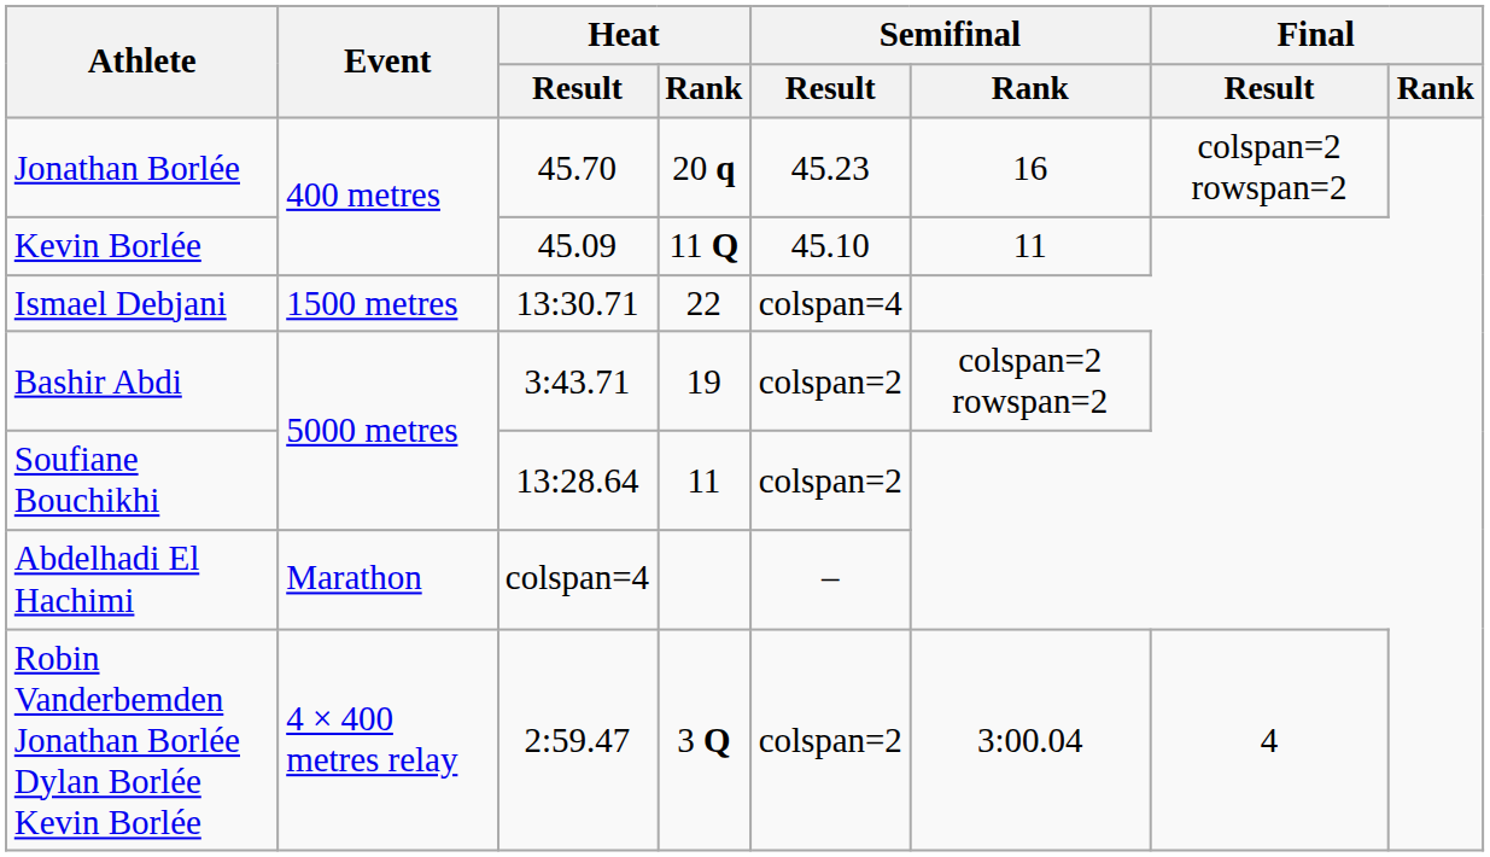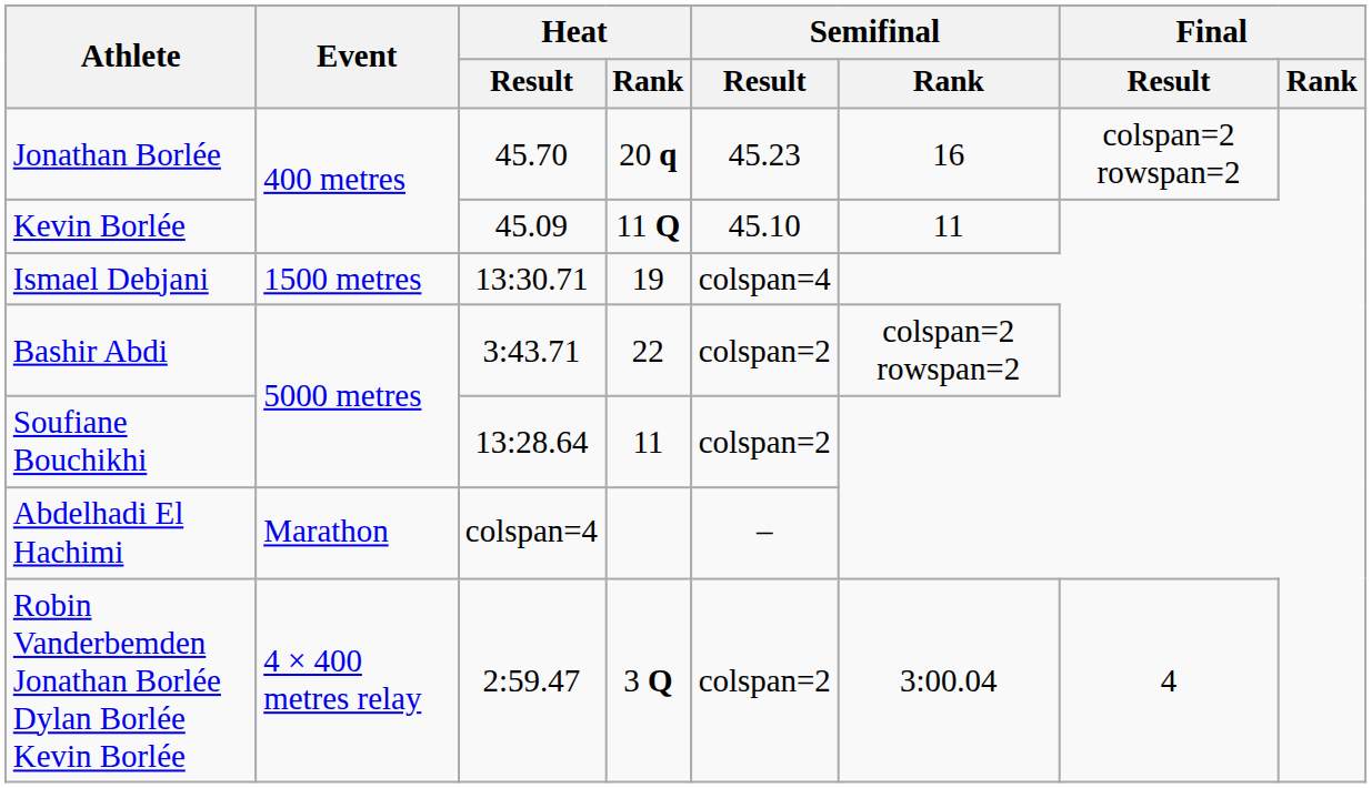 <table class=wikitable style=font-size:90%>
 <tr>
 <th rowspan=2>Athlete</th>
 <th rowspan=2>Event</th>
 <th colspan=2>Heat</th>
 <th colspan=2>Semifinal</th>
 <th colspan=2>Final</th>
 </tr>
 <tr style=font-size:95%>
 <th>Result</th>
 <th>Rank</th>
 <th>Result</th>
 <th>Rank</th>
 <th>Result</th>
 <th>Rank</th>
 </tr>
 <tr align=center>
 <td align=left><a href='#'>Jonathan Borlée</a></td>
 <td align=left rowspan=2><a href='#'>400 metres</a></td>
 <td>45.70</td>
 <td>20 <strong>q</strong></td>
 <td>45.23</td>
 <td>16</td>
 <td>colspan=2 rowspan=2 </td>
 </tr>
 <tr align=center>
 <td align=left><a href='#'>Kevin Borlée</a></td>
 <td>45.09</td>
 <td>11 <strong>Q</strong></td>
 <td>45.10</td>
 <td>11</td>
 </tr>
 <tr align=center>
 <td align=left><a href='#'>Ismael Debjani</a></td>
 <td align=left><a href='#'>1500 metres</a></td>
 <td>13:30.71</td>
-<td>22</td>
+<td>19</td>
 <td>colspan=4 </td>
 </tr>
 <tr align=center>
 <td align=left><a href='#'>Bashir Abdi</a></td>
 <td align=left rowspan=2><a href='#'>5000 metres</a></td>
 <td>3:43.71</td>
-<td>19</td>
+<td>22</td>
 <td>colspan=2 </td>
 <td>colspan=2 rowspan=2 </td>
 </tr>
 <tr align=center>
 <td align=left><a href='#'>Soufiane Bouchikhi</a></td>
 <td>13:28.64</td>
 <td>11</td>
 <td>colspan=2 </td>
 </tr>
 <tr align=center>
 <td align=left><a href='#'>Abdelhadi El Hachimi</a></td>
 <td align=left><a href='#'>Marathon</a></td>
 <td>colspan=4 </td>
 <td></td>
 <td>–</td>
 </tr>
 <tr align=center>
 <td align=left><a href='#'>Robin Vanderbemden</a><br><a href='#'>Jonathan Borlée</a><br><a href='#'>Dylan Borlée</a><br><a href='#'>Kevin Borlée</a><br></td>
 <td align=left><a href='#'>4 × 400 metres relay</a></td>
 <td>2:59.47 <strong></strong></td>
 <td>3 <strong>Q</strong></td>
 <td>colspan=2 </td>
 <td>3:00.04</td>
 <td>4</td>
 </tr>
 </table>
